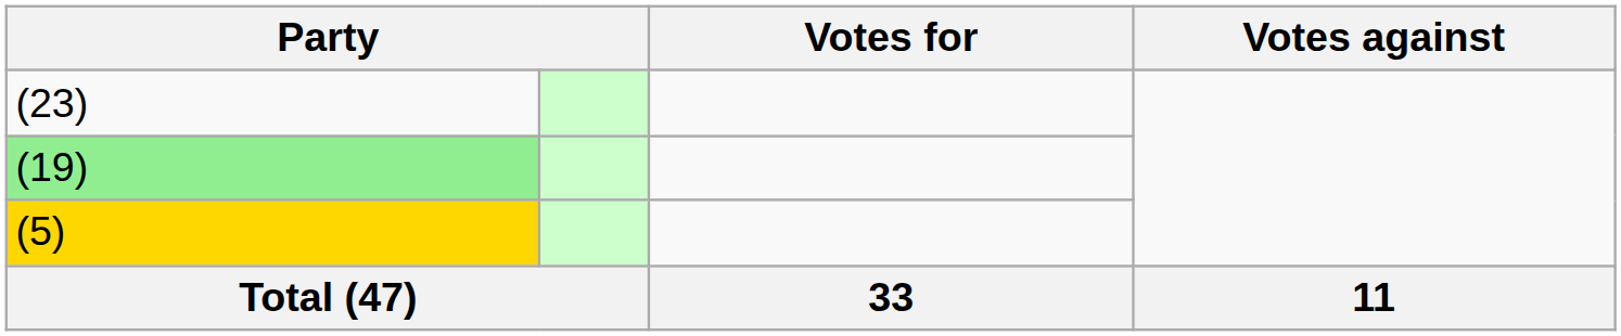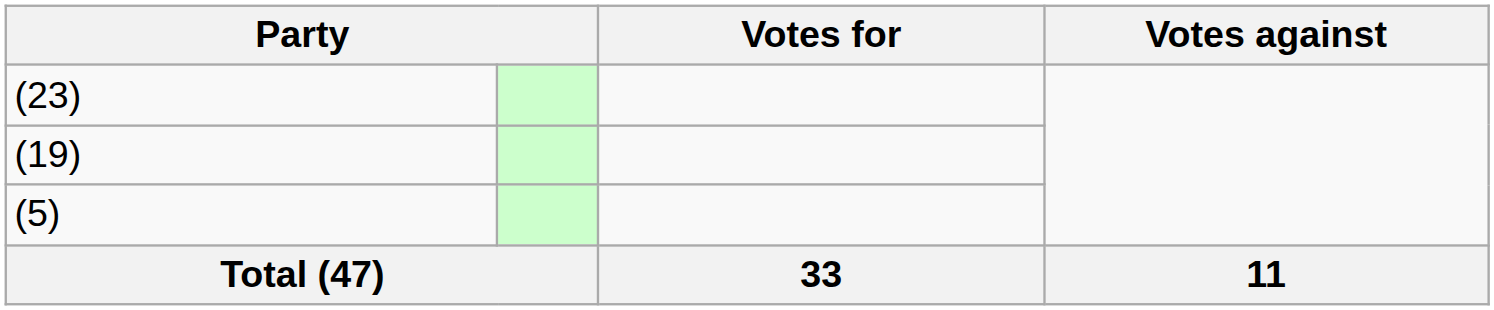 <table class="wikitable"  style="float:right; width:50%;">
 <tr>
 <th style="width:20%;" colspan="2">Party</th>
 <th style="width:15%;">Votes for</th>
 <th style="width:15%;">Votes against</th>
 </tr>
 <tr>
 <td> (23)</td>
 <td style="background-color:#CCFFCC;"></td>
 <td></td>
 </tr>
 <tr>
-<td style="background: lightgreen;"> (19)</td>
+<td> (19)</td>
 <td style="background-color:#CCFFCC;"></td>
 <td></td>
 </tr>
 <tr>
-<td style="background: gold;"> (5)</td>
+<td> (5)</td>
 <td style="background-color:#CCFFCC;"></td>
 <td></td>
 </tr>
 <tr>
 <th colspan=2>Total (47)</th>
 <th>33</th>
 <th>11</th>
 </tr>
 </table>
